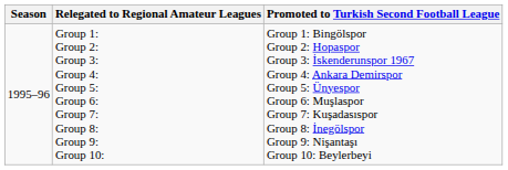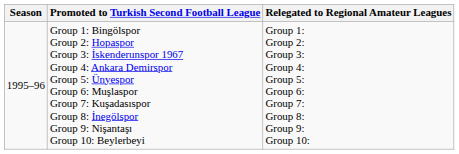 <table class="wikitable">
 <tr>
 <th>Season</th>
+<th>Promoted to <a href='#'>Turkish Second Football League</a></th>
 <th>Relegated to Regional Amateur Leagues</th>
-<th>Promoted to <a href='#'>Turkish Second Football League</a></th>
 </tr>
 <tr>
 <td>1995–96</td>
+<td>Group 1: Bingölspor<br>Group 2: <a href='#'>Hopaspor</a><br>Group 3: <a href='#'>İskenderunspor 1967</a><br>Group 4: <a href='#'>Ankara Demirspor</a><br>Group 5: <a href='#'>Ünyespor</a><br>Group 6: Muşlaspor<br>Group 7: Kuşadasıspor<br>Group 8: <a href='#'>İnegölspor</a><br>Group 9: Nişantaşı<br>Group 10: Beylerbeyi</td>
 <td>Group 1: <br>Group 2: <br>Group 3: <br>Group 4: <br>Group 5: <br>Group 6: <br>Group 7: <br>Group 8: <br>Group 9: <br>Group 10:</td>
-<td>Group 1: Bingölspor<br>Group 2: <a href='#'>Hopaspor</a><br>Group 3: <a href='#'>İskenderunspor 1967</a><br>Group 4: <a href='#'>Ankara Demirspor</a><br>Group 5: <a href='#'>Ünyespor</a><br>Group 6: Muşlaspor<br>Group 7: Kuşadasıspor<br>Group 8: <a href='#'>İnegölspor</a><br>Group 9: Nişantaşı<br>Group 10: Beylerbeyi</td>
 </tr>
 </table>
